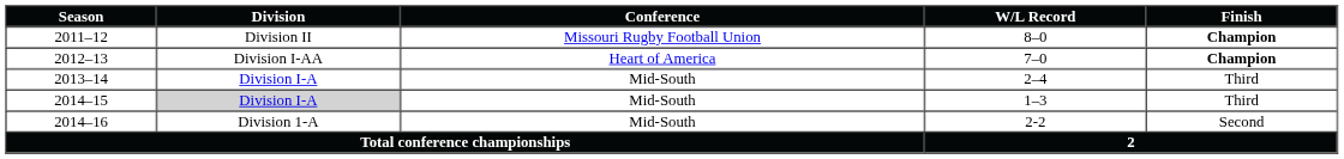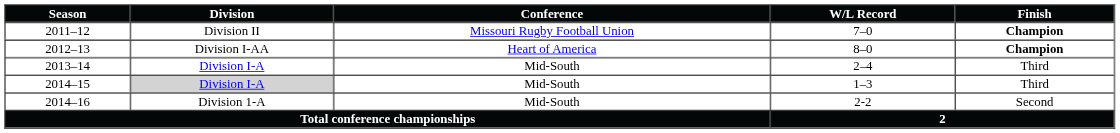 <table cellpadding="1" border="1" cellspacing="0" width="70%" style="text-align:center;">
 <tr style="background:#040707; color:white;">
 <th>Season</th>
 <th>Division</th>
 <th>Conference</th>
 <th>W/L Record</th>
 <th>Finish</th>
 </tr>
 <tr>
 <td>2011–12</td>
 <td>Division II</td>
 <td><a href='#'>Missouri Rugby Football Union</a></td>
-<td>8–0</td>
+<td>7–0</td>
 <td><strong>Champion</strong></td>
 </tr>
 <tr>
 <td>2012–13</td>
 <td>Division I-AA</td>
 <td><a href='#'>Heart of America</a></td>
-<td>7–0</td>
+<td>8–0</td>
 <td><strong>Champion</strong></td>
 </tr>
 <tr>
 <td>2013–14</td>
 <td><a href='#'>Division I-A</a></td>
 <td>Mid-South</td>
 <td>2–4</td>
 <td>Third</td>
 </tr>
 <tr>
 <td>2014–15</td>
 <td style="background: lightgrey;"><a href='#'>Division I-A</a></td>
 <td>Mid-South</td>
 <td>1–3</td>
 <td>Third</td>
 </tr>
 <tr>
 <td>2014–16</td>
 <td>Division 1-A</td>
 <td>Mid-South</td>
 <td>2-2</td>
 <td>Second</td>
 </tr>
 <tr style="text-align:center; background:#040707; color:white">
 <td colspan=3><strong>Total conference championships</strong></td>
 <td colspan=2><strong>2</strong></td>
 </tr>
 </table>
